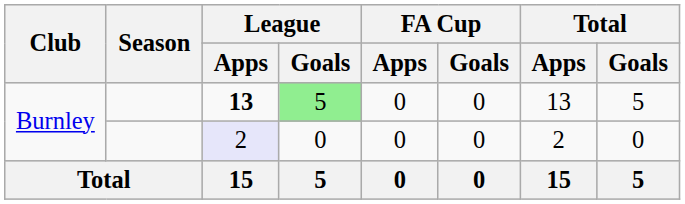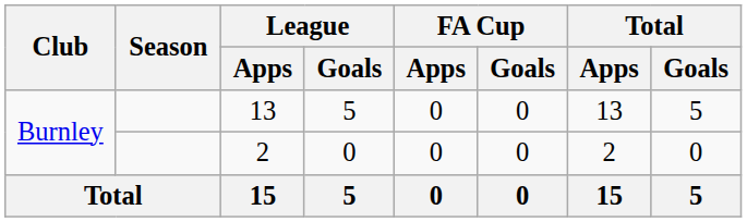 <table class="wikitable" style="width: 50%; text-align: center">
 <tr>
 <th rowspan="2" style="width: 15%">Club</th>
 <th rowspan="2">Season</th>
 <th colspan="2">League</th>
 <th colspan="2">FA Cup</th>
 <th colspan="2">Total</th>
 </tr>
 <tr>
 <th>Apps</th>
 <th>Goals</th>
 <th>Apps</th>
 <th>Goals</th>
 <th>Apps</th>
 <th>Goals</th>
 </tr>
 <tr>
 <td rowspan="2" valign="center"><a href='#'>Burnley</a></td>
 <td></td>
-<td><strong>13</strong></td>
-<td style="background: lightgreen;">5</td>
+<td>13</td>
+<td>5</td>
 <td>0</td>
 <td>0</td>
 <td>13</td>
 <td>5</td>
 </tr>
 <tr>
 <td></td>
-<td style="background: lavender;">2</td>
+<td>2</td>
 <td>0</td>
 <td>0</td>
 <td>0</td>
 <td>2</td>
 <td>0</td>
 </tr>
 <tr>
 <th colspan="2">Total</th>
 <th>15</th>
 <th>5</th>
 <th>0</th>
 <th>0</th>
 <th>15</th>
 <th>5</th>
 </tr>
 </table>
